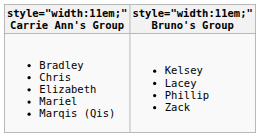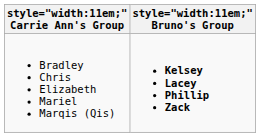 <table class="wikitable" style="width:22em;">
 <tr>
 <th>style="width:11em;" <strong>Carrie Ann's Group</strong></th>
 <th>style="width:11em;" <strong>Bruno's Group</strong></th>
 </tr>
 <tr>
 <td><br><ul><li>Bradley</li><li>Chris</li><li>Elizabeth</li><li>Mariel</li><li>Marqis (Qis)</li></ul></td>
-<td><br><ul><li>Kelsey</li><li>Lacey</li><li>Phillip</li><li>Zack</li></ul></td>
+<td><strong><br><ul><li>Kelsey</li><li>Lacey</li><li>Phillip</li><li>Zack</li></ul></strong></td>
 </tr>
 </table>
